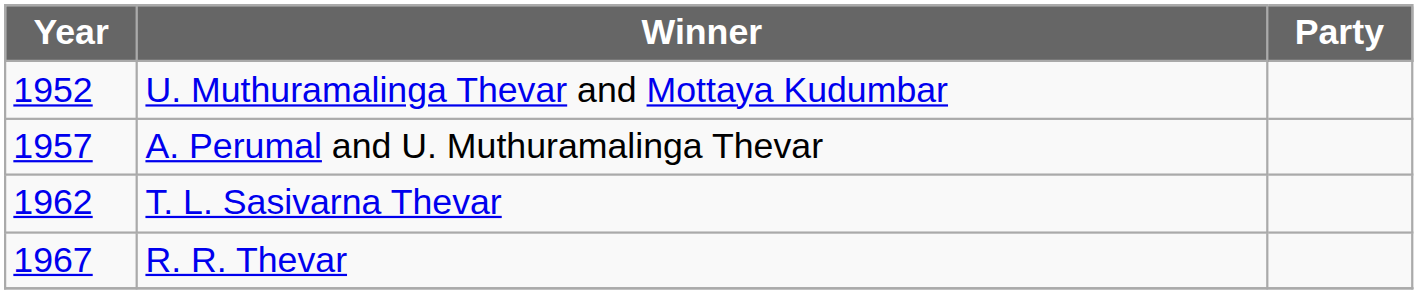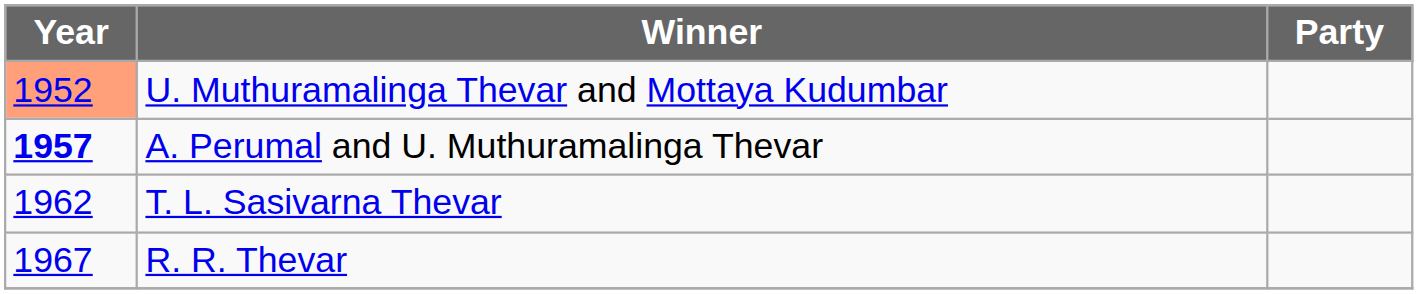 <table class="wikitable" width="50%">
 <tr>
 <th style="background-color:#666666; color:white">Year</th>
 <th style="background-color:#666666; color:white">Winner</th>
 <th style="background-color:#666666; color:white" colspan="2">Party</th>
 </tr>
 <tr>
-<td><a href='#'>1952</a></td>
+<td style="background: lightsalmon;"><a href='#'>1952</a></td>
 <td><a href='#'>U. Muthuramalinga Thevar</a> and <a href='#'>Mottaya Kudumbar</a></td>
 <td></td>
 </tr>
 <tr>
-<td><a href='#'>1957</a></td>
+<td><strong><a href='#'>1957</a></strong></td>
 <td><a href='#'>A. Perumal</a> and U. Muthuramalinga Thevar</td>
 <td></td>
 </tr>
 <tr>
 <td><a href='#'>1962</a></td>
 <td><a href='#'>T. L. Sasivarna Thevar</a></td>
 <td></td>
 </tr>
 <tr>
 <td><a href='#'>1967</a></td>
 <td><a href='#'>R. R. Thevar</a></td>
 <td></td>
 </tr>
 <tr>
 </tr>
 </table>
